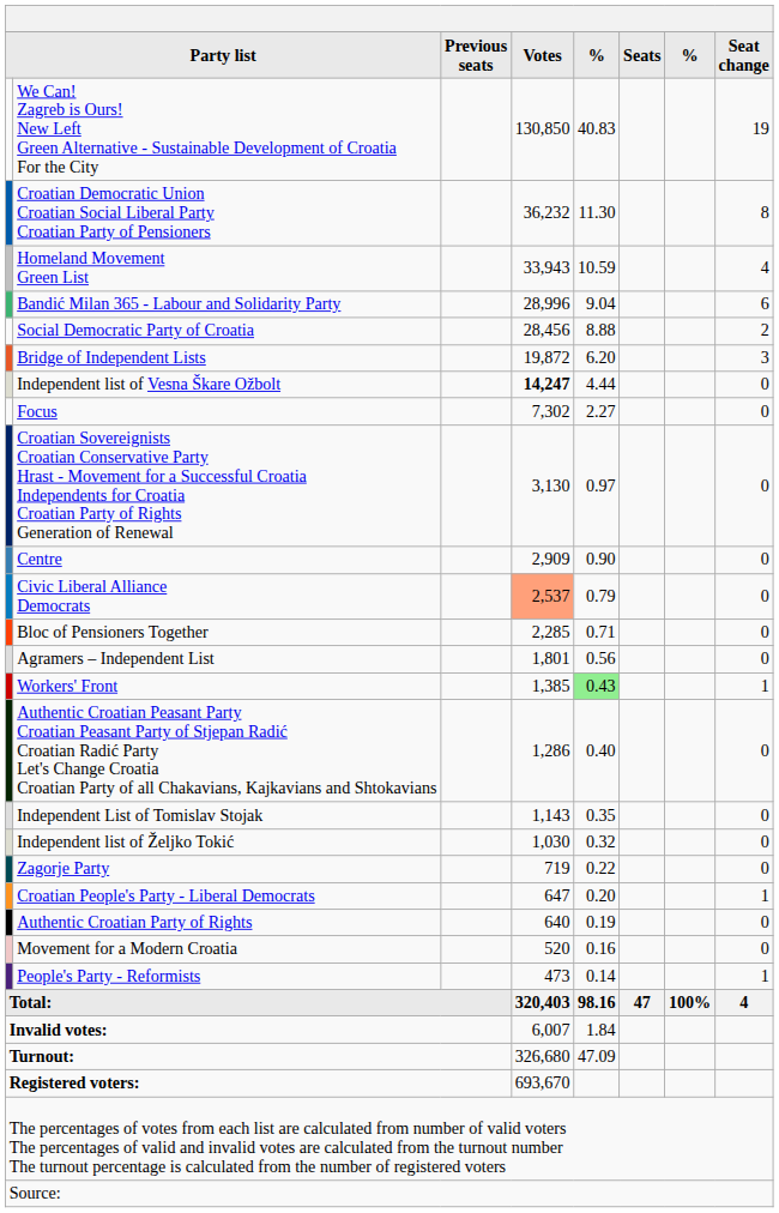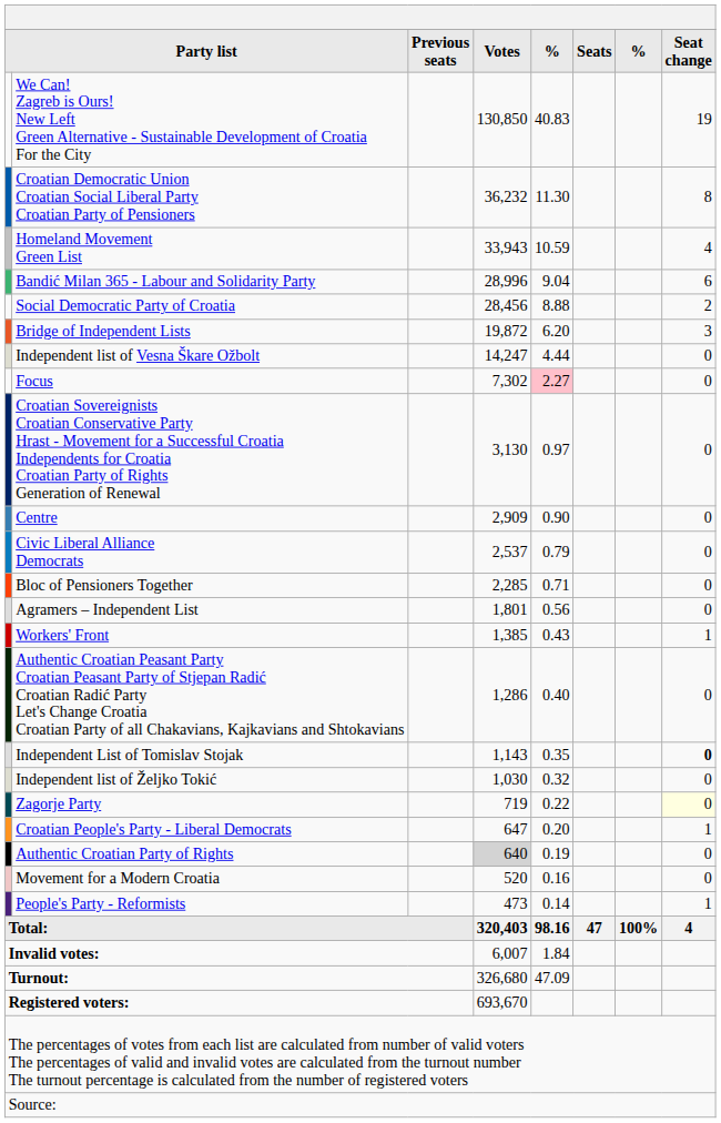 <table class="wikitable" border="1">
 <tr>
 <th colspan="8"><br></th>
 </tr>
 <tr>
 </tr>
 <tr style="background-color:#C9C9C9">
 <th style="background-color:#E9E9E9" align= center colspan="2">Party list</th>
 <th style="background-color:#E9E9E9" align= center>Previous<br>seats</th>
 <th style="background-color:#E9E9E9" align= center>Votes</th>
 <th style="background-color:#E9E9E9" align= center>%</th>
 <th style="background-color:#E9E9E9" align= center>Seats</th>
 <th style="background-color:#E9E9E9" align= center>%</th>
 <th style="background-color:#E9E9E9" align= center>Seat<br>change</th>
 </tr>
 <tr>
 <td bgcolor= ></td>
 <td align = left><a href='#'>We Can!</a> <br> <a href='#'>Zagreb is Ours!</a> <br> <a href='#'>New Left</a> <br> <a href='#'>Green Alternative - Sustainable Development of Croatia</a> <br> For the City</td>
 <td align = left></td>
 <td align = right>130,850</td>
 <td align = right>40.83</td>
 <td align = left></td>
 <td align = right></td>
 <td align = right> 19</td>
 </tr>
 <tr>
 <td bgcolor= #005BAA></td>
 <td align = left><a href='#'>Croatian Democratic Union</a> <br> <a href='#'>Croatian Social Liberal Party</a> <br> <a href='#'>Croatian Party of Pensioners</a></td>
 <td align = left></td>
 <td align = right>36,232</td>
 <td align = right>11.30</td>
 <td align = left></td>
 <td align = right></td>
 <td align = right> 8</td>
 </tr>
 <tr>
 <td style="color:inherit;background:#c0c0c0"></td>
 <td align = left><a href='#'>Homeland Movement</a> <br> <a href='#'>Green List</a></td>
 <td align = left></td>
 <td align = right>33,943</td>
 <td align = right>10.59</td>
 <td align = left></td>
 <td align = right></td>
 <td align = right> 4</td>
 </tr>
 <tr>
 <td style="color:inherit;background:#3CB371"></td>
 <td align = left><a href='#'>Bandić Milan 365 - Labour and Solidarity Party</a></td>
 <td align = left></td>
 <td align = right>28,996</td>
 <td align = right>9.04</td>
 <td align = left></td>
 <td align = right></td>
 <td align = right> 6</td>
 </tr>
 <tr>
 <td bgcolor=></td>
 <td align = left><a href='#'>Social Democratic Party of Croatia</a></td>
 <td align = left></td>
 <td align = right>28,456</td>
 <td align = right>8.88</td>
 <td align = left></td>
 <td align = right></td>
 <td align = right> 2</td>
 </tr>
 <tr>
 <td bgcolor= #E85726></td>
 <td align = left><a href='#'>Bridge of Independent Lists</a></td>
 <td align = left></td>
 <td align = right>19,872</td>
 <td align = right>6.20</td>
 <td align = left></td>
 <td align = right></td>
 <td align = right> 3</td>
 </tr>
 <tr>
 <td bgcolor= #DDDDDDD></td>
 <td align = left>Independent list of <a href='#'>Vesna Škare Ožbolt</a></td>
 <td align = left></td>
-<td align = right><strong>14,247</strong></td>
+<td align = right>14,247</td>
 <td align = right>4.44</td>
 <td align = left></td>
 <td align = right></td>
 <td align = right> 0</td>
 </tr>
 <tr>
 <td bgcolor=></td>
 <td align = left><a href='#'>Focus</a></td>
 <td align = left></td>
 <td align = right>7,302</td>
-<td align = right>2.27</td>
+<td align = right style="background: pink;">2.27</td>
 <td align = left></td>
 <td align = right></td>
 <td align = right> 0</td>
 </tr>
 <tr>
 <td bgcolor= #002366></td>
 <td align = left><a href='#'>Croatian Sovereignists</a> <br> <a href='#'>Croatian Conservative Party</a> <br> <a href='#'>Hrast - Movement for a Successful Croatia</a> <br> <a href='#'>Independents for Croatia</a> <br> <a href='#'>Croatian Party of Rights</a> <br> Generation of Renewal</td>
 <td align = left></td>
 <td align = right>3,130</td>
 <td align = right>0.97</td>
 <td align = left></td>
 <td align = right></td>
 <td align = right> 0</td>
 </tr>
 <tr>
 <td style="color:inherit;background:#377eb2"></td>
 <td align = left><a href='#'>Centre</a></td>
 <td align = left></td>
 <td align = right>2,909</td>
 <td align = right>0.90</td>
 <td align = left></td>
 <td align = right></td>
 <td align = right> 0</td>
 </tr>
 <tr>
 <td style="color:inherit;background:#067CBF"></td>
 <td align = left><a href='#'>Civic Liberal Alliance</a> <br> <a href='#'>Democrats</a></td>
 <td align = left></td>
-<td align = right style="background: lightsalmon;">2,537</td>
+<td align = right>2,537</td>
 <td align = right>0.79</td>
 <td align = left></td>
 <td align = right></td>
 <td align = right> 0</td>
 </tr>
 <tr>
 <td style="color:inherit;background:#ff3f05"></td>
 <td align = left>Bloc of Pensioners Together</td>
 <td align = left></td>
 <td align = right>2,285</td>
 <td align = right>0.71</td>
 <td align = left></td>
 <td align = right></td>
 <td align = right> 0</td>
 </tr>
 <tr>
 <td style="color:inherit;background:#DDDDDD"></td>
 <td align = left>Agramers – Independent List</td>
 <td align = left></td>
 <td align = right>1,801</td>
 <td align = right>0.56</td>
 <td align = left></td>
 <td align = right></td>
 <td align = right> 0</td>
 </tr>
 <tr>
 <td bgcolor= #cc0000></td>
 <td align = left><a href='#'>Workers' Front</a></td>
 <td align = left></td>
 <td align = right>1,385</td>
-<td align = right style="background: lightgreen;">0.43</td>
+<td align = right>0.43</td>
 <td align = left></td>
 <td align = right></td>
 <td align = right> 1</td>
 </tr>
 <tr>
 <td style="color:inherit;background:#052403"></td>
 <td align = left><a href='#'>Authentic Croatian Peasant Party</a> <br> <a href='#'>Croatian Peasant Party of Stjepan Radić</a> <br> Croatian Radić Party <br> Let's Change Croatia <br> Croatian Party of all Chakavians, Kajkavians and Shtokavians</td>
 <td align = left></td>
 <td align = right>1,286</td>
 <td align = right>0.40</td>
 <td align = left></td>
 <td align = right></td>
 <td align = right> 0</td>
 </tr>
 <tr>
 <td bgcolor= #DDDDDD></td>
 <td align = left>Independent List of Tomislav Stojak</td>
 <td align = left></td>
 <td align = right>1,143</td>
 <td align = right>0.35</td>
 <td align = left></td>
 <td align = right></td>
-<td align = right> 0</td>
+<td align = right><strong> 0</strong></td>
 </tr>
 <tr>
 <td bgcolor= #DDDDDDD></td>
 <td align = left>Independent list of Željko Tokić</td>
 <td align = left></td>
 <td align = right>1,030</td>
 <td align = right>0.32</td>
 <td align = left></td>
 <td align = right></td>
 <td align = right> 0</td>
 </tr>
 <tr>
 <td style="color:inherit;background:#004953"></td>
 <td align = left><a href='#'>Zagorje Party</a></td>
 <td align = left></td>
 <td align = right>719</td>
 <td align = right>0.22</td>
 <td align = left></td>
 <td align = right></td>
-<td align = right> 0</td>
+<td align = right style="background: lightyellow;"> 0</td>
 </tr>
 <tr>
 <td bgcolor= #FF931E></td>
 <td align = left><a href='#'>Croatian People's Party - Liberal Democrats</a></td>
 <td align = left></td>
 <td align = right>647</td>
 <td align = right>0.20</td>
 <td align = left></td>
 <td align = right></td>
 <td align = right> 1</td>
 </tr>
 <tr>
 <td style="color:inherit;background:#000000"></td>
 <td align = left><a href='#'>Authentic Croatian Party of Rights</a></td>
 <td align = left></td>
-<td align = right>640</td>
+<td align = right style="background: lightgrey;">640</td>
 <td align = right>0.19</td>
 <td align = left></td>
 <td align = right></td>
 <td align = right> 0</td>
 </tr>
 <tr>
 <td bgcolor= #f0c7c7></td>
 <td align = left>Movement for a Modern Croatia</td>
 <td align = left></td>
 <td align = right>520</td>
 <td align = right>0.16</td>
 <td align = left></td>
 <td align = right></td>
 <td align = right> 0</td>
 </tr>
 <tr>
 <td bgcolor= #4A217B></td>
 <td align = left><a href='#'>People's Party - Reformists</a></td>
 <td align = left></td>
 <td align = right>473</td>
 <td align = right>0.14</td>
 <td align = left></td>
 <td align = right></td>
 <td align = right> 1</td>
 </tr>
 <tr style="background-color:#E9E9E9">
 <td align=left colspan=3><strong>Total:</strong></td>
 <th align=right>320,403</th>
 <th align=right>98.16</th>
 <th align=right>47</th>
 <th align=right>100%</th>
 <th align=right> 4</th>
 </tr>
 <tr>
 <td align=left colspan=3><strong>Invalid votes:</strong></td>
 <td align=right>6,007</td>
 <td align=right>1.84</td>
 <td align=right></td>
 <td align=right></td>
 <td align=right></td>
 </tr>
 <tr>
 <td align=left colspan=3><strong>Turnout:</strong></td>
 <td align=right>326,680</td>
 <td align=right>47.09</td>
 <td align=right></td>
 <td align=right></td>
 <td align=right></td>
 </tr>
 <tr>
 <td align=left colspan=3><strong>Registered voters:</strong></td>
 <td align=right>693,670</td>
 <td align=right></td>
 <td align=right></td>
 <td align=right></td>
 <td align=right></td>
 </tr>
 <tr>
 <td align=left colspan=8><br>The percentages of votes from each list are calculated from number of valid voters<br> The percentages of valid and invalid votes are calculated from the turnout number<br> The turnout percentage is calculated from the number of registered voters</td>
 </tr>
 <tr>
 <td align=left colspan=8>Source:</td>
 </tr>
 </table>
